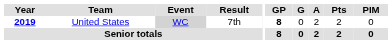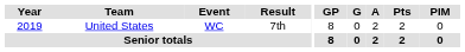 <table border="0" cellpadding="1" cellspacing="0" ID="Table3" style="text-align:center; width:40em">
 <tr ALIGN="center" bgcolor="#e0e0e0">
 <th>Year</th>
 <th>Team</th>
 <th>Event</th>
 <th>Result</th>
 <th rowspan="99" bgcolor="#ffffff"></th>
 <th>GP</th>
 <th>G</th>
 <th>A</th>
 <th>Pts</th>
 <th>PIM</th>
 </tr>
 <tr>
-<td><strong><a href='#'>2019</a></strong></td>
+<td><a href='#'>2019</a></td>
 <td><a href='#'>United States</a></td>
-<td style="background: lightgrey;"><a href='#'>WC</a></td>
+<td><a href='#'>WC</a></td>
 <td>7th</td>
-<td><strong>8</strong></td>
+<td>8</td>
 <td>0</td>
 <td>2</td>
 <td>2</td>
 <td>0</td>
 </tr>
 <tr bgcolor="#e0e0e0">
 <th colspan="4">Senior totals</th>
 <th>8</th>
 <th>0</th>
 <th>2</th>
 <th>2</th>
 <th>0</th>
 </tr>
 </table>
